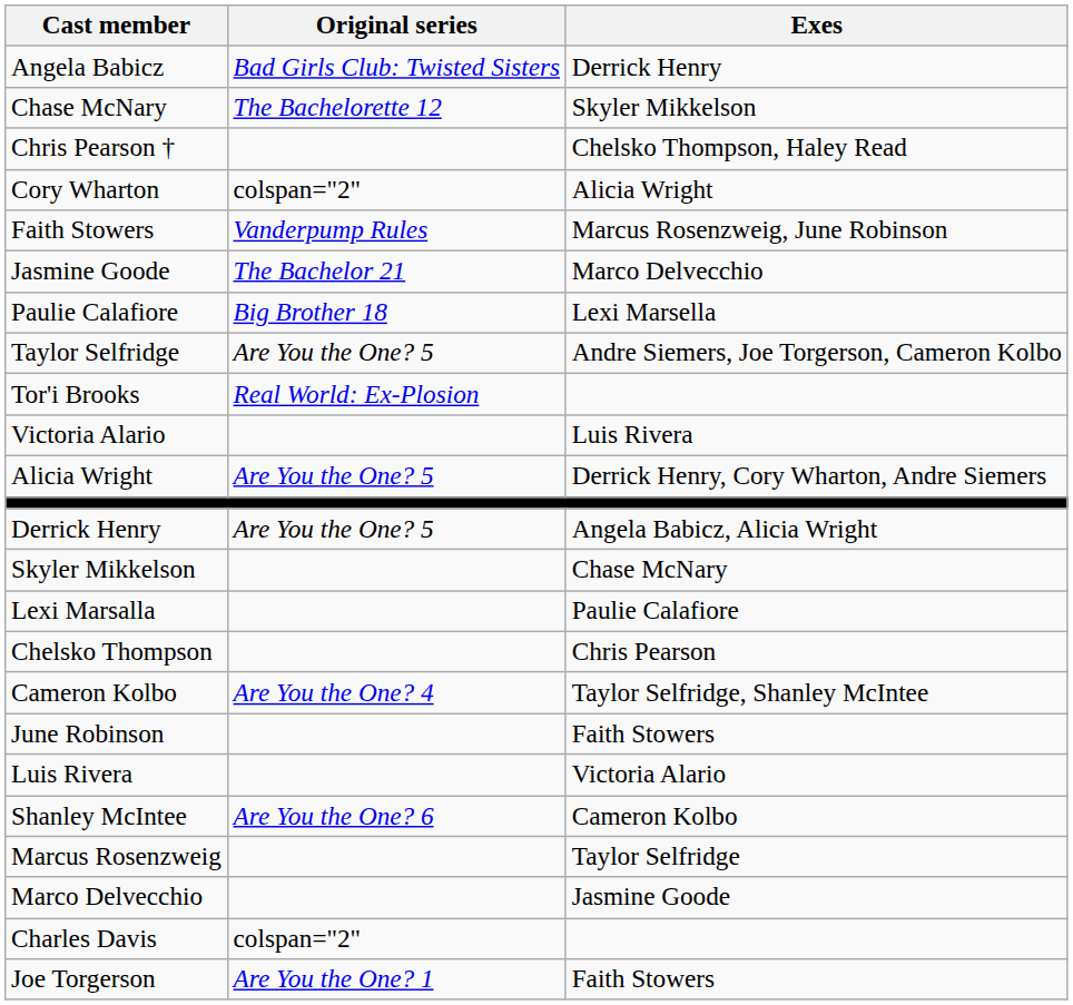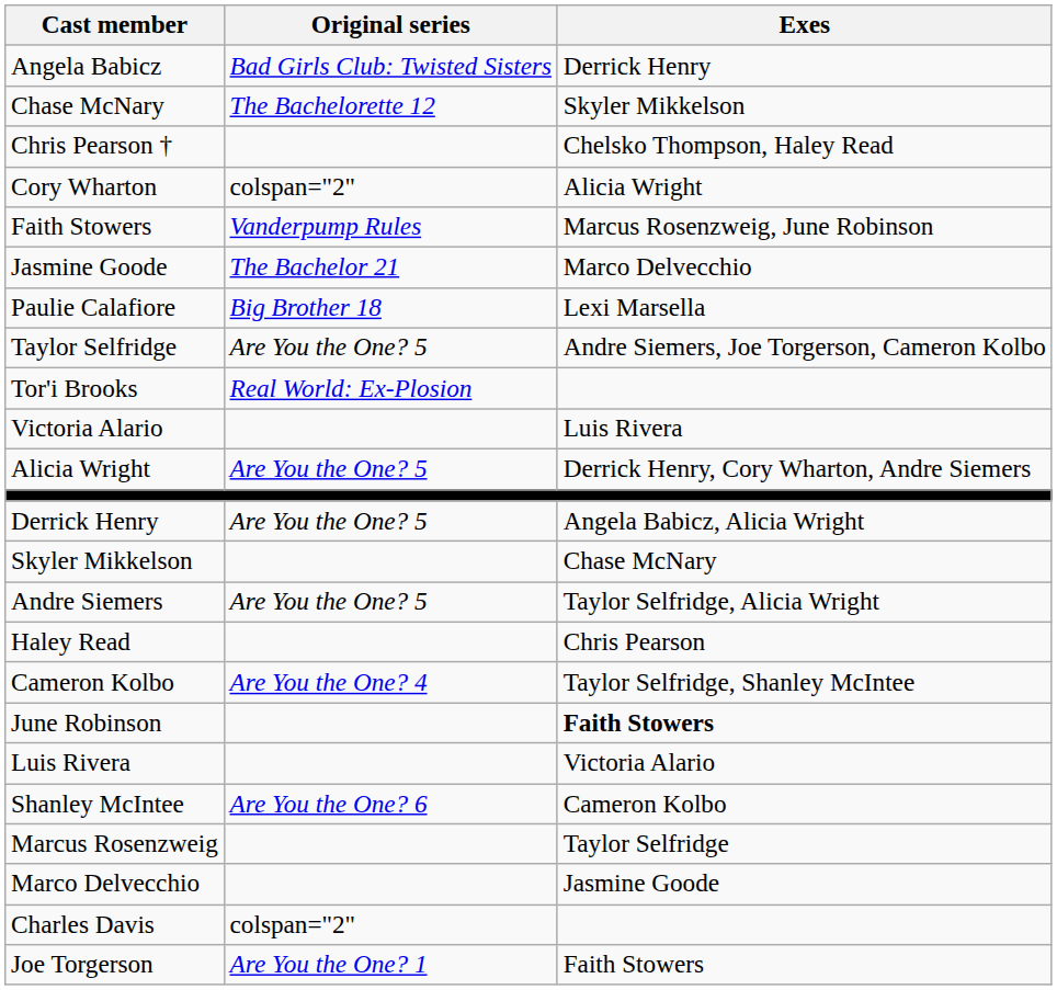 <table class="wikitable sortable">
 <tr>
 <th>Cast member</th>
 <th>Original series</th>
 <th>Exes</th>
 </tr>
 <tr>
 <td>Angela Babicz</td>
 <td nowrap><a href='#'><em>Bad Girls Club: Twisted Sisters</em></a></td>
 <td>Derrick Henry</td>
 </tr>
 <tr>
 <td>Chase McNary</td>
 <td><a href='#'><em>The Bachelorette 12</em></a></td>
 <td>Skyler Mikkelson</td>
 </tr>
 <tr>
 <td>Chris Pearson †</td>
 <td></td>
 <td>Chelsko Thompson, Haley Read</td>
 </tr>
 <tr>
 <td>Cory Wharton</td>
 <td>colspan="2" </td>
 <td>Alicia Wright</td>
 </tr>
 <tr>
 <td>Faith Stowers</td>
 <td><em><a href='#'>Vanderpump Rules</a></em></td>
 <td>Marcus Rosenzweig, June Robinson</td>
 </tr>
 <tr>
 <td>Jasmine Goode</td>
 <td><a href='#'><em>The Bachelor 21</em></a></td>
 <td>Marco Delvecchio</td>
 </tr>
 <tr>
 <td>Paulie Calafiore</td>
 <td><a href='#'><em>Big Brother 18</em></a></td>
 <td>Lexi Marsella</td>
 </tr>
 <tr>
 <td>Taylor Selfridge</td>
 <td><em>Are You the One? 5</em></td>
 <td nowrap>Andre Siemers, Joe Torgerson, Cameron Kolbo</td>
 </tr>
 <tr>
 <td>Tor'i Brooks</td>
 <td><em><a href='#'>Real World: Ex-Plosion</a></em></td>
 </tr>
 <tr>
 <td>Victoria Alario</td>
 <td></td>
 <td>Luis Rivera</td>
 </tr>
 <tr>
 <td>Alicia Wright</td>
 <td><a href='#'><em>Are You the One? 5</em></a></td>
 <td>Derrick Henry, Cory Wharton, Andre Siemers</td>
 </tr>
 <tr>
 <th style="background:#000;" colspan="3"></th>
 </tr>
 <tr>
 <td>Derrick Henry</td>
 <td><em>Are You the One? 5</em></td>
 <td>Angela Babicz, Alicia Wright</td>
 </tr>
 <tr>
 <td>Skyler Mikkelson</td>
 <td></td>
 <td>Chase McNary</td>
 </tr>
 <tr>
-<td>Lexi Marsalla</td>
-<td></td>
-<td>Paulie Calafiore</td>
+<td>Andre Siemers</td>
+<td><em>Are You the One? 5</em></td>
+<td>Taylor Selfridge, Alicia Wright</td>
 </tr>
 <tr>
-<td>Chelsko Thompson</td>
+<td>Haley Read</td>
 <td></td>
 <td>Chris Pearson</td>
 </tr>
 <tr>
 <td>Cameron Kolbo</td>
 <td><a href='#'><em>Are You the One? 4</em></a></td>
 <td>Taylor Selfridge, Shanley McIntee</td>
 </tr>
 <tr>
 <td>June Robinson</td>
 <td></td>
-<td>Faith Stowers</td>
+<td><strong>Faith Stowers</strong></td>
 </tr>
 <tr>
 <td>Luis Rivera</td>
 <td></td>
 <td>Victoria Alario</td>
 </tr>
 <tr>
 <td>Shanley McIntee</td>
 <td><a href='#'><em>Are You the One? 6</em></a></td>
 <td>Cameron Kolbo</td>
 </tr>
 <tr>
 <td nowrap>Marcus Rosenzweig</td>
 <td></td>
 <td>Taylor Selfridge</td>
 </tr>
 <tr>
 <td>Marco Delvecchio</td>
 <td></td>
 <td>Jasmine Goode</td>
 </tr>
 <tr>
 <td>Charles Davis</td>
 <td>colspan="2" </td>
 </tr>
 <tr>
 <td>Joe Torgerson</td>
 <td><a href='#'><em>Are You the One? 1</em></a></td>
 <td>Faith Stowers</td>
 </tr>
 </table>
